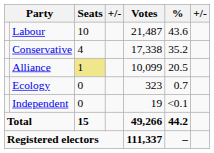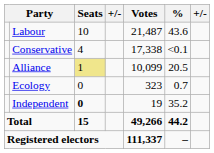 <table class="wikitable sortable">
 <tr>
 <th colspan="2">Party</th>
 <th>Seats</th>
 <th>+/-</th>
 <th>Votes</th>
 <th>%</th>
 <th>+/-</th>
 </tr>
 <tr>
 <td style="background-color: "></td>
 <td><a href='#'>Labour</a></td>
 <td>10</td>
 <td></td>
 <td style="text-align:right;">21,487</td>
 <td style="text-align:right;">43.6</td>
 <td style="text-align:right;"></td>
 </tr>
 <tr>
 <td style="background-color: "></td>
 <td><a href='#'>Conservative</a></td>
 <td>4</td>
 <td></td>
 <td style="text-align:right;">17,338</td>
-<td style="text-align:right;">35.2</td>
+<td style="text-align:right;"><0.1</td>
 <td style="text-align:right;"></td>
 </tr>
 <tr>
 <td style="background-color: "></td>
 <td><a href='#'>Alliance</a></td>
 <td style="background: khaki;">1</td>
 <td></td>
 <td style="text-align:right;">10,099</td>
 <td style="text-align:right;">20.5</td>
 <td style="text-align:right;"></td>
 </tr>
 <tr>
 <td style="background-color: "></td>
 <td><a href='#'>Ecology</a></td>
 <td>0</td>
 <td></td>
 <td style="text-align:right;">323</td>
 <td style="text-align:right;">0.7</td>
 <td style="text-align:right;"></td>
 </tr>
 <tr>
 <td style="background-color: "></td>
 <td><a href='#'>Independent</a></td>
-<td>0</td>
+<td><strong>0</strong></td>
 <td></td>
 <td style="text-align:right;">19</td>
-<td style="text-align:right;"><0.1</td>
+<td style="text-align:right;">35.2</td>
 <td style="text-align:right;"></td>
 </tr>
 <tr>
 <td colspan="2"><strong>Total</strong></td>
 <td><strong>15</strong></td>
 <td></td>
 <td style="text-align:right;"><strong>49,266</strong></td>
 <td style="text-align:right;"><strong>44.2</strong></td>
 <td style="text-align:right;"></td>
 </tr>
 <tr>
 <td colspan="4"><strong>Registered electors</strong></td>
 <td style="text-align:right;"><strong>111,337</strong></td>
 <td style="text-align:right;"><strong>–</strong></td>
 <td style="text-align:right;"></td>
 </tr>
 </table>
